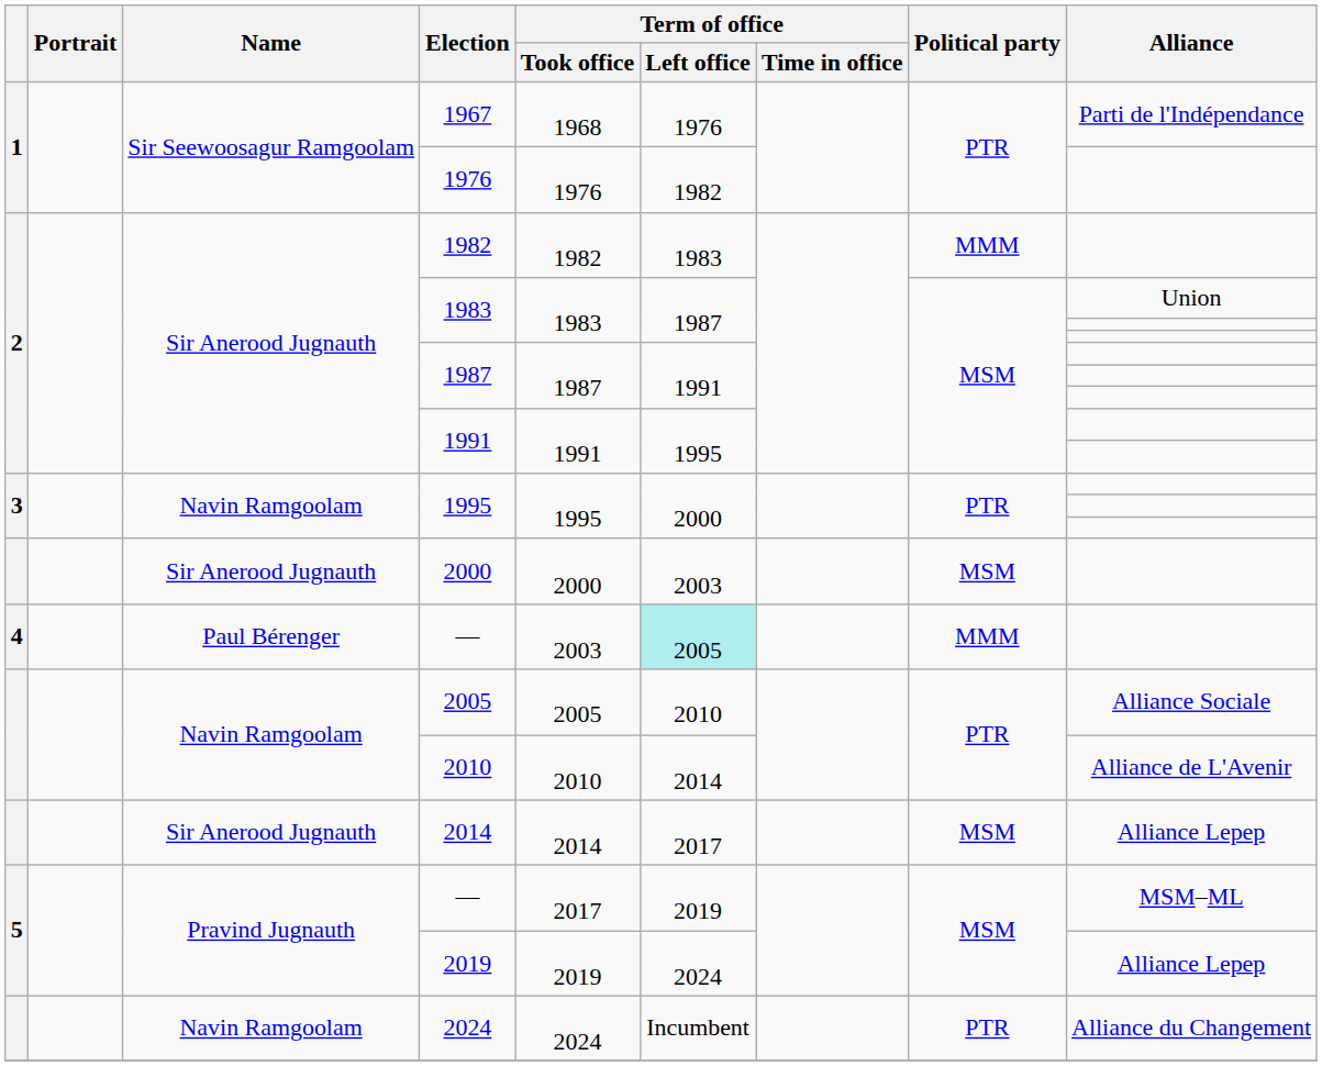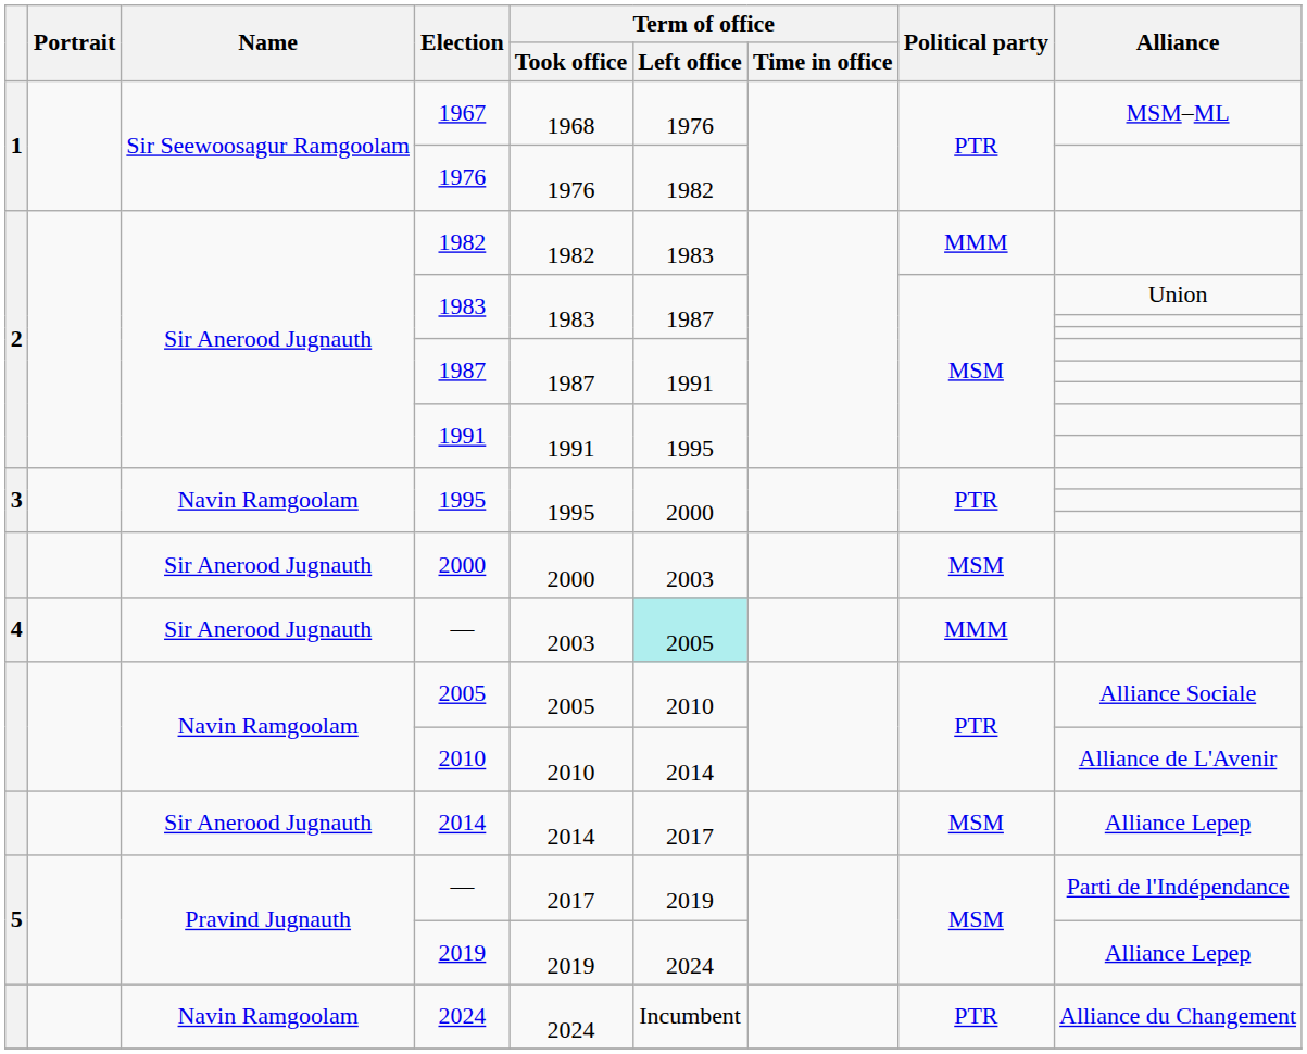 <table class="wikitable" style="font-size:100%;text-align:center">
 <tr>
 <th rowspan="2"></th>
 <th rowspan="2">Portrait</th>
 <th rowspan="2">Name<br></th>
 <th rowspan="2">Election</th>
 <th colspan="3">Term of office</th>
 <th rowspan="2">Political party</th>
 <th rowspan="2">Alliance</th>
 </tr>
 <tr>
 <th>Took office</th>
 <th>Left office</th>
 <th>Time in office</th>
 </tr>
 <tr>
 <th rowspan=2 style="background:">1</th>
 <td rowspan=2></td>
 <td rowspan=2><a href='#'>Sir Seewoosagur Ramgoolam</a><br></td>
 <td><a href='#'>1967</a></td>
 <td><br>1968</td>
 <td><br>1976</td>
 <td rowspan=2></td>
 <td rowspan=2><a href='#'>PTR</a></td>
-<td><a href='#'>Parti de l'Indépendance</a><br></td>
+<td><a href='#'>MSM</a>–<a href='#'>ML</a></td>
 </tr>
 <tr>
 <td><a href='#'>1976</a></td>
 <td><br>1976</td>
 <td><br>1982</td>
 <td></td>
 </tr>
 <tr>
 <th rowspan=9 style="background: linear-gradient(">2</th>
 <td rowspan=9></td>
 <td rowspan=9><a href='#'>Sir Anerood Jugnauth</a><br></td>
 <td><a href='#'>1982</a></td>
 <td><br>1982</td>
 <td><br>1983</td>
 <td rowspan=9></td>
 <td><a href='#'>MMM</a></td>
 <td></td>
 </tr>
 <tr>
 <td rowspan=3><a href='#'>1983</a></td>
 <td rowspan=3><br>1983</td>
 <td rowspan=3><br>1987</td>
 <td rowspan=8><a href='#'>MSM</a></td>
 <td>Union<br></td>
 </tr>
 <tr>
 <td></td>
 </tr>
 <tr>
 <td></td>
 </tr>
 <tr>
 <td rowspan=3><a href='#'>1987</a></td>
 <td rowspan=3><br>1987</td>
 <td rowspan=3><br>1991</td>
 <td></td>
 </tr>
 <tr>
 <td></td>
 </tr>
 <tr>
 <td></td>
 </tr>
 <tr>
 <td rowspan=2><a href='#'>1991</a></td>
 <td rowspan=2><br>1991</td>
 <td rowspan=2><br>1995</td>
 <td></td>
 </tr>
 <tr>
 <td></td>
 </tr>
 <tr>
 <th rowspan=3 style="background:">3</th>
 <td rowspan=3></td>
 <td rowspan=3><a href='#'>Navin Ramgoolam</a><br></td>
 <td rowspan=3><a href='#'>1995</a></td>
 <td rowspan=3><br>1995</td>
 <td rowspan=3><br>2000</td>
 <td rowspan=3></td>
 <td rowspan=3><a href='#'>PTR</a></td>
 <td></td>
 </tr>
 <tr>
 <td></td>
 </tr>
 <tr>
 <td></td>
 </tr>
 <tr>
 <th style="background:"></th>
 <td></td>
 <td><a href='#'>Sir Anerood Jugnauth</a><br></td>
 <td><a href='#'>2000</a></td>
 <td><br>2000</td>
 <td><br>2003</td>
 <td></td>
 <td><a href='#'>MSM</a></td>
 <td></td>
 </tr>
 <tr>
 <th style="background:">4</th>
 <td></td>
-<td><a href='#'>Paul Bérenger</a><br></td>
+<td><a href='#'>Sir Anerood Jugnauth</a><br></td>
 <td>—</td>
 <td><br>2003</td>
 <td style="background: paleturquoise;"><br>2005</td>
 <td></td>
 <td><a href='#'>MMM</a></td>
 <td></td>
 </tr>
 <tr>
 <th rowspan=2 style="background:"></th>
 <td rowspan=2></td>
 <td rowspan=2><a href='#'>Navin Ramgoolam</a><br></td>
 <td><a href='#'>2005</a></td>
 <td><br>2005</td>
 <td><br>2010</td>
 <td rowspan=2></td>
 <td rowspan=2><a href='#'>PTR</a></td>
 <td><a href='#'>Alliance Sociale</a><br></td>
 </tr>
 <tr>
 <td><a href='#'>2010</a></td>
 <td><br>2010</td>
 <td><br>2014</td>
 <td><a href='#'>Alliance de L'Avenir</a><br></td>
 </tr>
 <tr>
 <th style="background:"></th>
 <td></td>
 <td><a href='#'>Sir Anerood Jugnauth</a><br></td>
 <td><a href='#'>2014</a></td>
 <td><br>2014</td>
 <td><br>2017</td>
 <td></td>
 <td><a href='#'>MSM</a></td>
 <td><a href='#'>Alliance Lepep</a><br></td>
 </tr>
 <tr>
 <th rowspan=2 style="background:">5</th>
 <td rowspan=2></td>
 <td rowspan=2><a href='#'>Pravind Jugnauth</a><br></td>
 <td>—</td>
 <td><br>2017</td>
 <td><br>2019</td>
 <td rowspan=2></td>
 <td rowspan=2><a href='#'>MSM</a></td>
-<td><a href='#'>MSM</a>–<a href='#'>ML</a></td>
+<td><a href='#'>Parti de l'Indépendance</a><br></td>
 </tr>
 <tr>
 <td><a href='#'>2019</a></td>
 <td><br>2019</td>
 <td><br>2024</td>
 <td><a href='#'>Alliance Lepep</a><br></td>
 </tr>
 <tr>
 <th style="background:"></th>
 <td></td>
 <td><a href='#'>Navin Ramgoolam</a><br></td>
 <td><a href='#'>2024</a></td>
 <td><br>2024</td>
 <td>Incumbent</td>
 <td></td>
 <td><a href='#'>PTR</a></td>
 <td><a href='#'>Alliance du Changement</a><br></td>
 </tr>
 <tr>
 </tr>
 </table>
